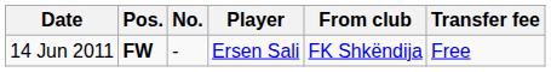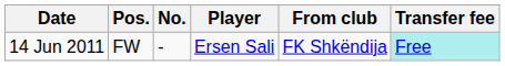 <table class="wikitable">
 <tr>
 </tr>
 <tr>
 <th>Date</th>
 <th>Pos.</th>
 <th>No.</th>
 <th>Player</th>
 <th>From club</th>
 <th>Transfer fee</th>
 </tr>
 <tr>
 <td>14 Jun 2011</td>
-<td><strong>FW</strong></td>
+<td>FW</td>
 <td>-</td>
 <td> <a href='#'>Ersen Sali</a></td>
 <td> <a href='#'>FK Shkëndija</a></td>
-<td><a href='#'>Free</a></td>
+<td style="background: paleturquoise;"><a href='#'>Free</a></td>
 </tr>
 </table>
